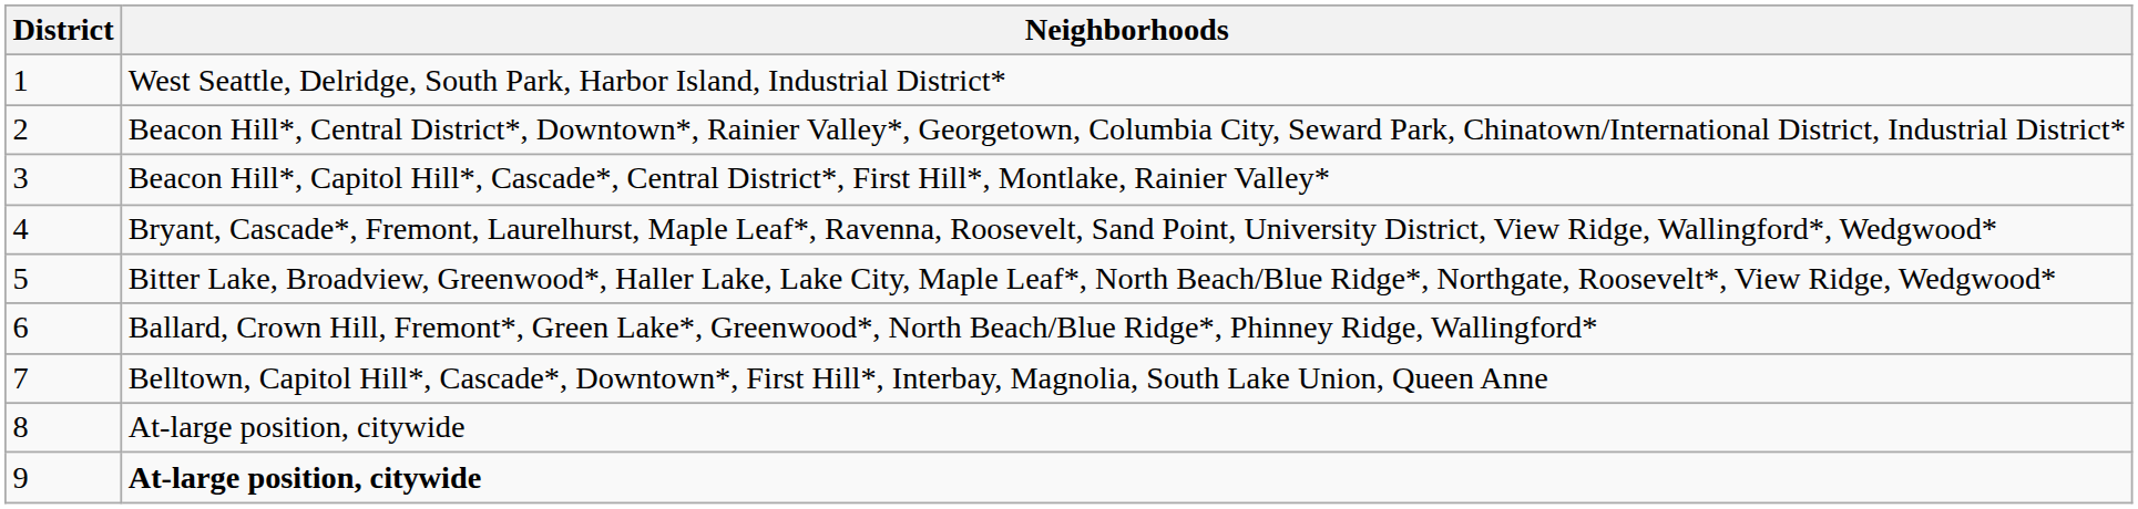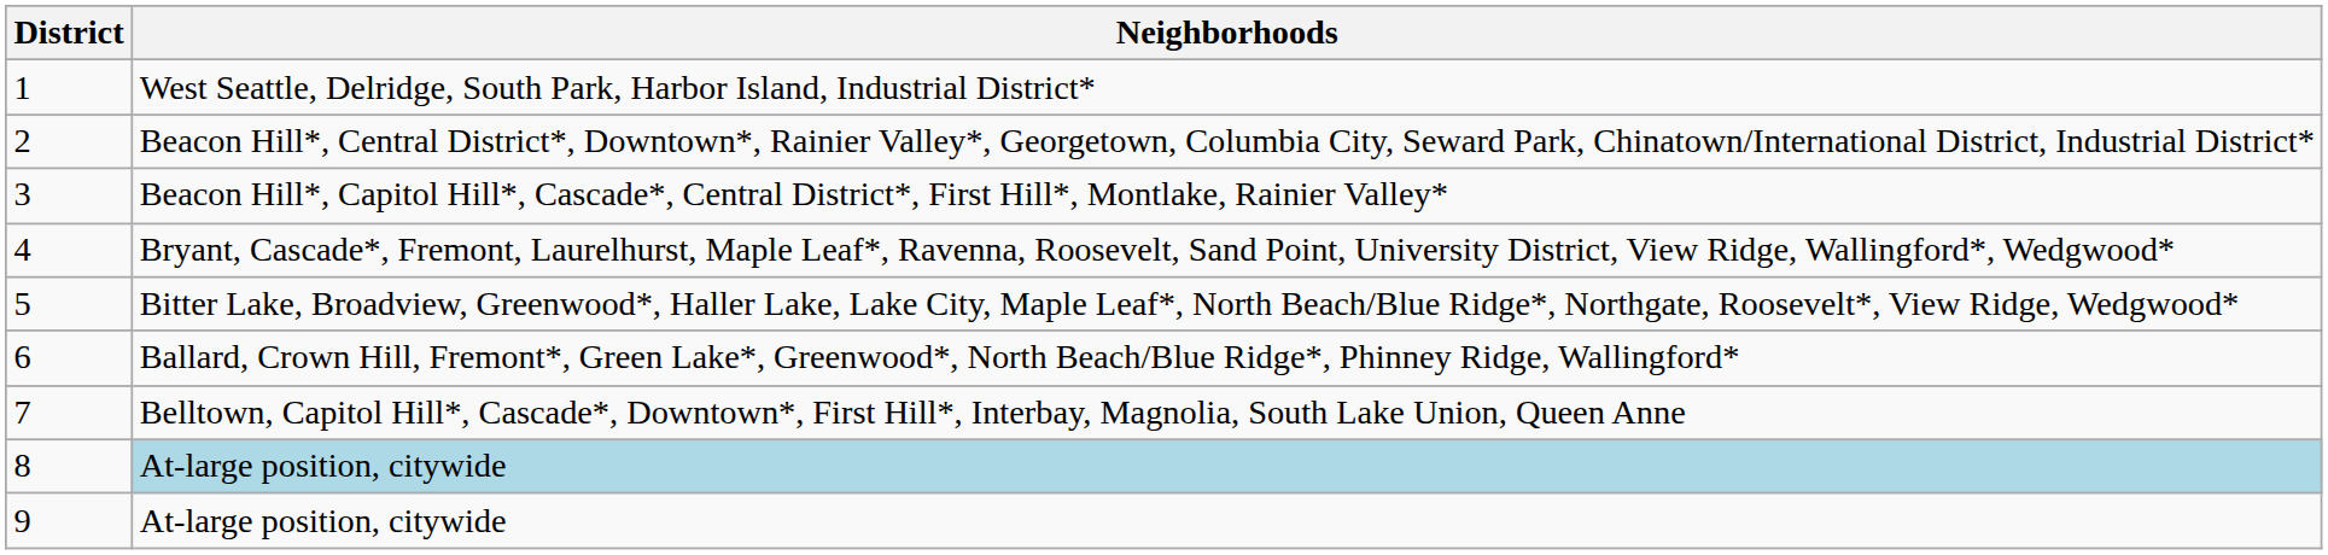 <table class="wikitable">
 <tr>
 <th>District</th>
 <th>Neighborhoods</th>
 </tr>
 <tr>
 <td>1</td>
 <td>West Seattle, Delridge, South Park, Harbor Island, Industrial District*</td>
 </tr>
 <tr>
 <td>2</td>
 <td>Beacon Hill*, Central District*, Downtown*, Rainier Valley*, Georgetown, Columbia City, Seward Park, Chinatown/International District, Industrial District*</td>
 </tr>
 <tr>
 <td>3</td>
 <td>Beacon Hill*, Capitol Hill*, Cascade*, Central District*, First Hill*, Montlake, Rainier Valley*</td>
 </tr>
 <tr>
 <td>4</td>
 <td>Bryant, Cascade*, Fremont, Laurelhurst, Maple Leaf*, Ravenna, Roosevelt, Sand Point, University District, View Ridge, Wallingford*, Wedgwood*</td>
 </tr>
 <tr>
 <td>5</td>
 <td>Bitter Lake, Broadview, Greenwood*, Haller Lake, Lake City, Maple Leaf*, North Beach/Blue Ridge*, Northgate, Roosevelt*, View Ridge, Wedgwood*</td>
 </tr>
 <tr>
 <td>6</td>
 <td>Ballard, Crown Hill, Fremont*, Green Lake*, Greenwood*, North Beach/Blue Ridge*, Phinney Ridge, Wallingford*</td>
 </tr>
 <tr>
 <td>7</td>
 <td>Belltown, Capitol Hill*, Cascade*, Downtown*, First Hill*, Interbay, Magnolia, South Lake Union, Queen Anne</td>
 </tr>
 <tr>
 <td>8</td>
-<td>At-large position, citywide</td>
+<td style="background: lightblue;">At-large position, citywide</td>
 </tr>
 <tr>
 <td>9</td>
-<td><strong>At-large position, citywide</strong></td>
+<td>At-large position, citywide</td>
 </tr>
 </table>
